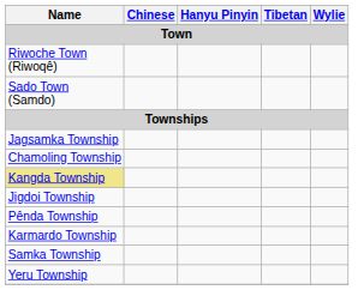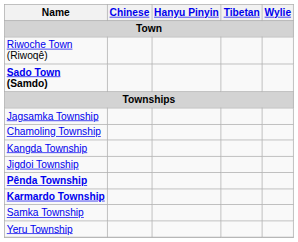 <table class="wikitable"  style="font-size:90%;" align=center>
 <tr>
 <th>Name</th>
 <th><a href='#'>Chinese</a></th>
 <th><a href='#'>Hanyu Pinyin</a></th>
 <th><a href='#'>Tibetan</a></th>
 <th><a href='#'>Wylie</a></th>
 </tr>
 <tr --------->
 <td colspan="7"  style="text-align:center; background:#d3d3d3;"><strong>Town</strong></td>
 </tr>
 <tr --------->
 <td><a href='#'>Riwoche Town</a><br>(Riwoqê)</td>
 <td></td>
 <td></td>
 <td></td>
 <td></td>
 </tr>
 <tr>
-<td><a href='#'>Sado Town</a><br>(Samdo)</td>
+<td><strong><a href='#'>Sado Town</a><br>(Samdo)</strong></td>
 <td></td>
 <td></td>
 <td></td>
 <td></td>
 </tr>
 <tr --------->
 <td colspan="7"  style="text-align:center; background:#d3d3d3;"><strong>Townships</strong></td>
 </tr>
 <tr --------->
 <td><a href='#'>Jagsamka Township</a></td>
 <td></td>
 <td></td>
 <td></td>
 <td></td>
 </tr>
 <tr>
 <td><a href='#'>Chamoling Township</a></td>
 <td></td>
 <td></td>
 <td></td>
 <td></td>
 </tr>
 <tr>
-<td style="background: khaki;"><a href='#'>Kangda Township</a></td>
+<td><a href='#'>Kangda Township</a></td>
 <td></td>
 <td></td>
 <td></td>
 <td></td>
 </tr>
 <tr>
 <td><a href='#'>Jigdoi Township</a></td>
 <td></td>
 <td></td>
 <td></td>
 <td></td>
 </tr>
 <tr>
-<td><a href='#'>Pênda Township</a></td>
+<td><strong><a href='#'>Pênda Township</a></strong></td>
 <td></td>
 <td></td>
 <td></td>
 <td></td>
 </tr>
 <tr>
-<td><a href='#'>Karmardo Township</a></td>
+<td><strong><a href='#'>Karmardo Township</a></strong></td>
 <td></td>
 <td></td>
 <td></td>
 <td></td>
 </tr>
 <tr>
 <td><a href='#'>Samka Township</a></td>
 <td></td>
 <td></td>
 <td></td>
 <td></td>
 </tr>
 <tr>
 <td><a href='#'>Yeru Township</a></td>
 <td></td>
 <td></td>
 <td></td>
 <td></td>
 </tr>
 <tr>
 </tr>
 </table>
